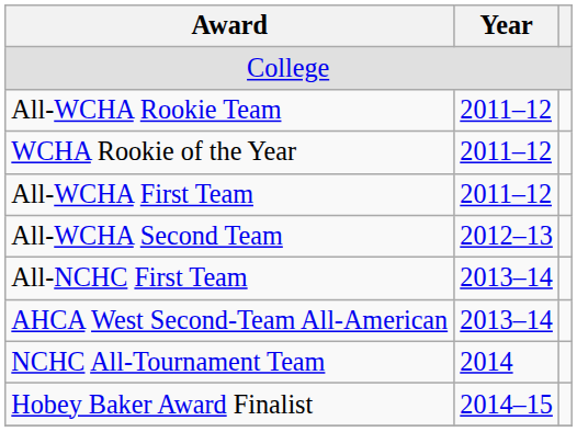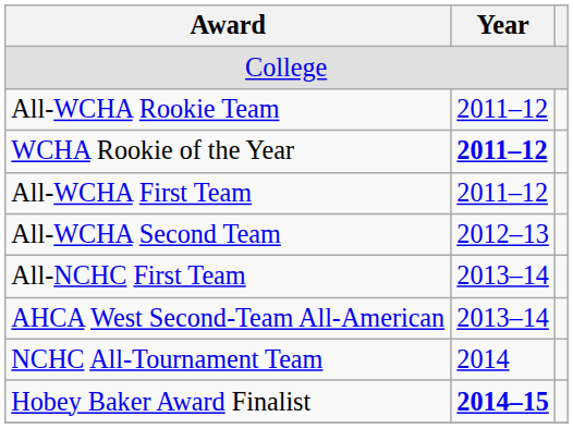 <table class="wikitable">
 <tr>
 <th>Award</th>
 <th>Year</th>
 <th></th>
 </tr>
 <tr ALIGN="center" bgcolor="#e0e0e0">
 <td colspan="3"><a href='#'>College</a></td>
 </tr>
 <tr>
 <td>All-<a href='#'>WCHA</a> <a href='#'>Rookie Team</a></td>
 <td><a href='#'>2011–12</a></td>
 <td></td>
 </tr>
 <tr>
 <td><a href='#'>WCHA</a> Rookie of the Year</td>
-<td><a href='#'>2011–12</a></td>
+<td><strong><a href='#'>2011–12</a></strong></td>
 <td></td>
 </tr>
 <tr>
 <td>All-<a href='#'>WCHA</a> <a href='#'>First Team</a></td>
 <td><a href='#'>2011–12</a></td>
 <td></td>
 </tr>
 <tr>
 <td>All-<a href='#'>WCHA</a> <a href='#'>Second Team</a></td>
 <td><a href='#'>2012–13</a></td>
 <td></td>
 </tr>
 <tr>
 <td>All-<a href='#'>NCHC</a> <a href='#'>First Team</a></td>
 <td><a href='#'>2013–14</a></td>
 <td></td>
 </tr>
 <tr>
 <td><a href='#'>AHCA</a> <a href='#'>West Second-Team All-American</a></td>
 <td><a href='#'>2013–14</a></td>
 <td></td>
 </tr>
 <tr>
 <td><a href='#'>NCHC</a> <a href='#'>All-Tournament Team</a></td>
 <td><a href='#'>2014</a></td>
 <td></td>
 </tr>
 <tr>
 <td><a href='#'>Hobey Baker Award</a> Finalist</td>
-<td><a href='#'>2014–15</a></td>
+<td><strong><a href='#'>2014–15</a></strong></td>
 <td></td>
 </tr>
 <tr>
 </tr>
 </table>
